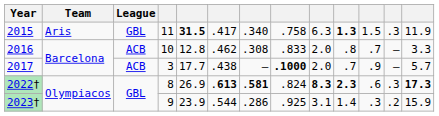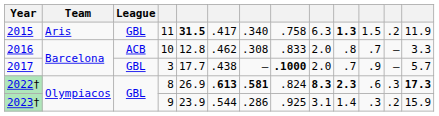 <table class="wikitable sortable" style="font-size:100%; text-align:right;">
 <tr>
 <th>Year</th>
 <th>Team</th>
 <th>League</th>
 <th></th>
 <th></th>
 <th></th>
 <th></th>
 <th></th>
 <th></th>
 <th></th>
 <th></th>
 <th></th>
 <th></th>
 </tr>
 <tr>
 <td style="text-align:left;"><a href='#'>2015</a></td>
 <td style="text-align:left;">  <a href='#'>Aris</a></td>
 <td style="text-align:center;"><a href='#'>GBL</a></td>
 <td>11</td>
 <td><strong>31.5</strong></td>
 <td>.417</td>
 <td>.340</td>
 <td>.758</td>
 <td>6.3</td>
 <td><strong>1.3</strong></td>
 <td>1.5</td>
-<td>.3</td>
+<td>.2</td>
 <td>11.9</td>
 </tr>
 <tr>
 <td style="text-align:left;"><a href='#'>2016</a></td>
 <td rowspan="2" style="text-align:left;">  <a href='#'>Barcelona</a></td>
 <td style="text-align:center;"><a href='#'>ACB</a></td>
 <td>10</td>
 <td>12.8</td>
 <td>.462</td>
 <td>.308</td>
 <td>.833</td>
 <td>2.0</td>
 <td>.8</td>
 <td>.7</td>
 <td>—</td>
 <td>3.3</td>
 </tr>
 <tr>
 <td style="text-align:left;"><a href='#'>2017</a></td>
-<td style="text-align:center;"><a href='#'>ACB</a></td>
+<td style="text-align:center;"><a href='#'>GBL</a></td>
 <td>3</td>
 <td>17.7</td>
 <td>.438</td>
 <td>—</td>
 <td><strong>.1000</strong></td>
 <td>2.0</td>
 <td>.7</td>
 <td>.9</td>
 <td>—</td>
 <td>5.7</td>
 </tr>
 <tr>
 <td style="text-align:left;background:#AFE6BA;"><a href='#'>2022</a>†</td>
 <td rowspan="2" style="text-align:left;">  <a href='#'>Olympiacos</a></td>
 <td rowspan="2" style="text-align:center;"><a href='#'>GBL</a></td>
 <td>8</td>
 <td>26.9</td>
 <td>.<strong>613</strong></td>
 <td>.<strong>581</strong></td>
 <td>.824</td>
 <td><strong>8.3</strong></td>
 <td><strong>2.3</strong></td>
 <td>.6</td>
 <td>.3</td>
 <td><strong>17.3</strong></td>
 </tr>
 <tr>
 <td style="text-align:left;background:#AFE6BA;"><a href='#'>2023</a>†</td>
 <td>9</td>
 <td>23.9</td>
 <td>.544</td>
 <td>.286</td>
 <td>.925</td>
 <td>3.1</td>
 <td>1.4</td>
 <td>.3</td>
 <td>.2</td>
 <td>15.9</td>
 </tr>
 </table>
